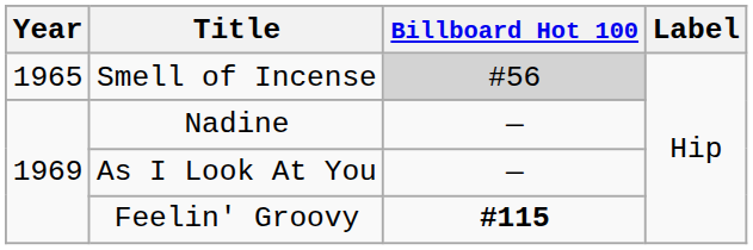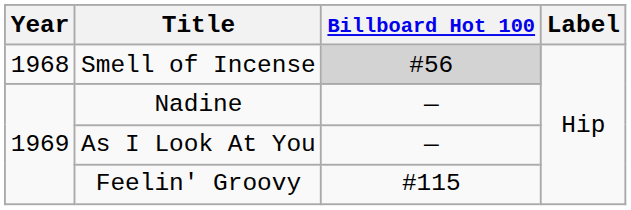 <table class="wikitable sortable">
 <tr>
 <th>Year</th>
 <th>Title</th>
 <th><small><a href='#'>Billboard Hot 100</a></small></th>
 <th>Label</th>
 </tr>
 <tr>
-<td align="center">1965</td>
+<td align="center">1968</td>
 <td align="center">Smell of Incense</td>
 <td align="center" style="background: lightgrey;">#56</td>
 <td align="center" rowspan="4">Hip</td>
 </tr>
 <tr>
 <td align="center" rowspan="3">1969</td>
 <td align="center">Nadine</td>
 <td align="center">—</td>
 </tr>
 <tr>
 <td align="center">As I Look At You</td>
 <td align="center">—</td>
 </tr>
 <tr>
 <td align="center">Feelin' Groovy</td>
-<td align="center"><strong>#115</strong></td>
+<td align="center">#115</td>
 </tr>
 </table>
